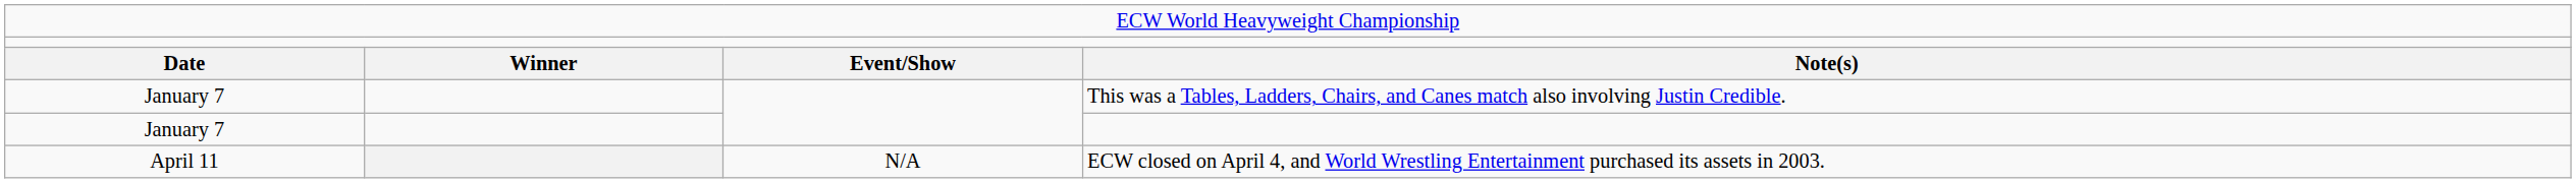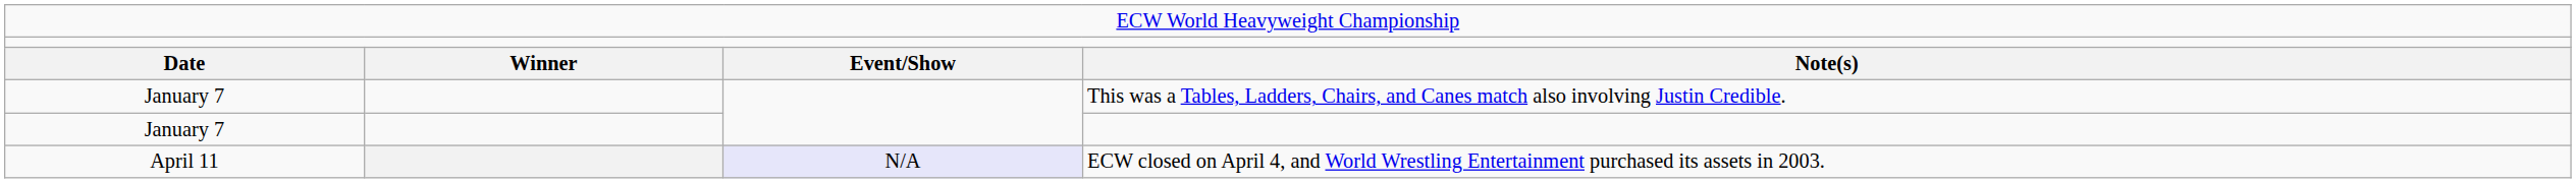 <table class="wikitable" style="text-align:center; width:100%;">
 <tr>
 <td colspan="5"><a href='#'>ECW World Heavyweight Championship</a></td>
 </tr>
 <tr>
 <td colspan="5"><strong></strong></td>
 </tr>
 <tr>
 <th width="14%">Date</th>
 <th width="14%">Winner</th>
 <th width="14%">Event/Show</th>
 <th width="58%">Note(s)</th>
 </tr>
 <tr>
 <td>January 7</td>
 <td></td>
 <td rowspan=2></td>
 <td align="left">This was a <a href='#'>Tables, Ladders, Chairs, and Canes match</a> also involving <a href='#'>Justin Credible</a>.</td>
 </tr>
 <tr>
 <td>January 7</td>
 <td></td>
 <td></td>
 </tr>
 <tr>
 <td>April 11</td>
 <th></th>
-<td>N/A</td>
+<td style="background: lavender;">N/A</td>
 <td align="left">ECW closed on April 4, and <a href='#'>World Wrestling Entertainment</a> purchased its assets in 2003.</td>
 </tr>
 </table>
